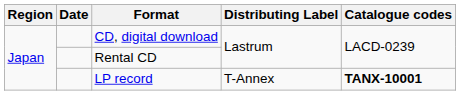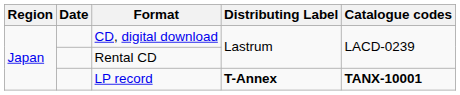 <table class="wikitable">
 <tr>
 <th>Region</th>
 <th>Date</th>
 <th>Format</th>
 <th>Distributing Label</th>
 <th>Catalogue codes</th>
 </tr>
 <tr>
 <td rowspan=3><a href='#'>Japan</a></td>
 <td></td>
 <td><a href='#'>CD</a>, <a href='#'>digital download</a></td>
 <td rowspan=2>Lastrum</td>
 <td rowspan=2>LACD-0239</td>
 </tr>
 <tr>
 <td></td>
 <td>Rental CD</td>
 </tr>
 <tr>
 <td></td>
 <td><a href='#'>LP record</a></td>
-<td>T-Annex</td>
+<td><strong>T-Annex</strong></td>
 <td><strong>TANX-10001</strong></td>
 </tr>
 </table>
